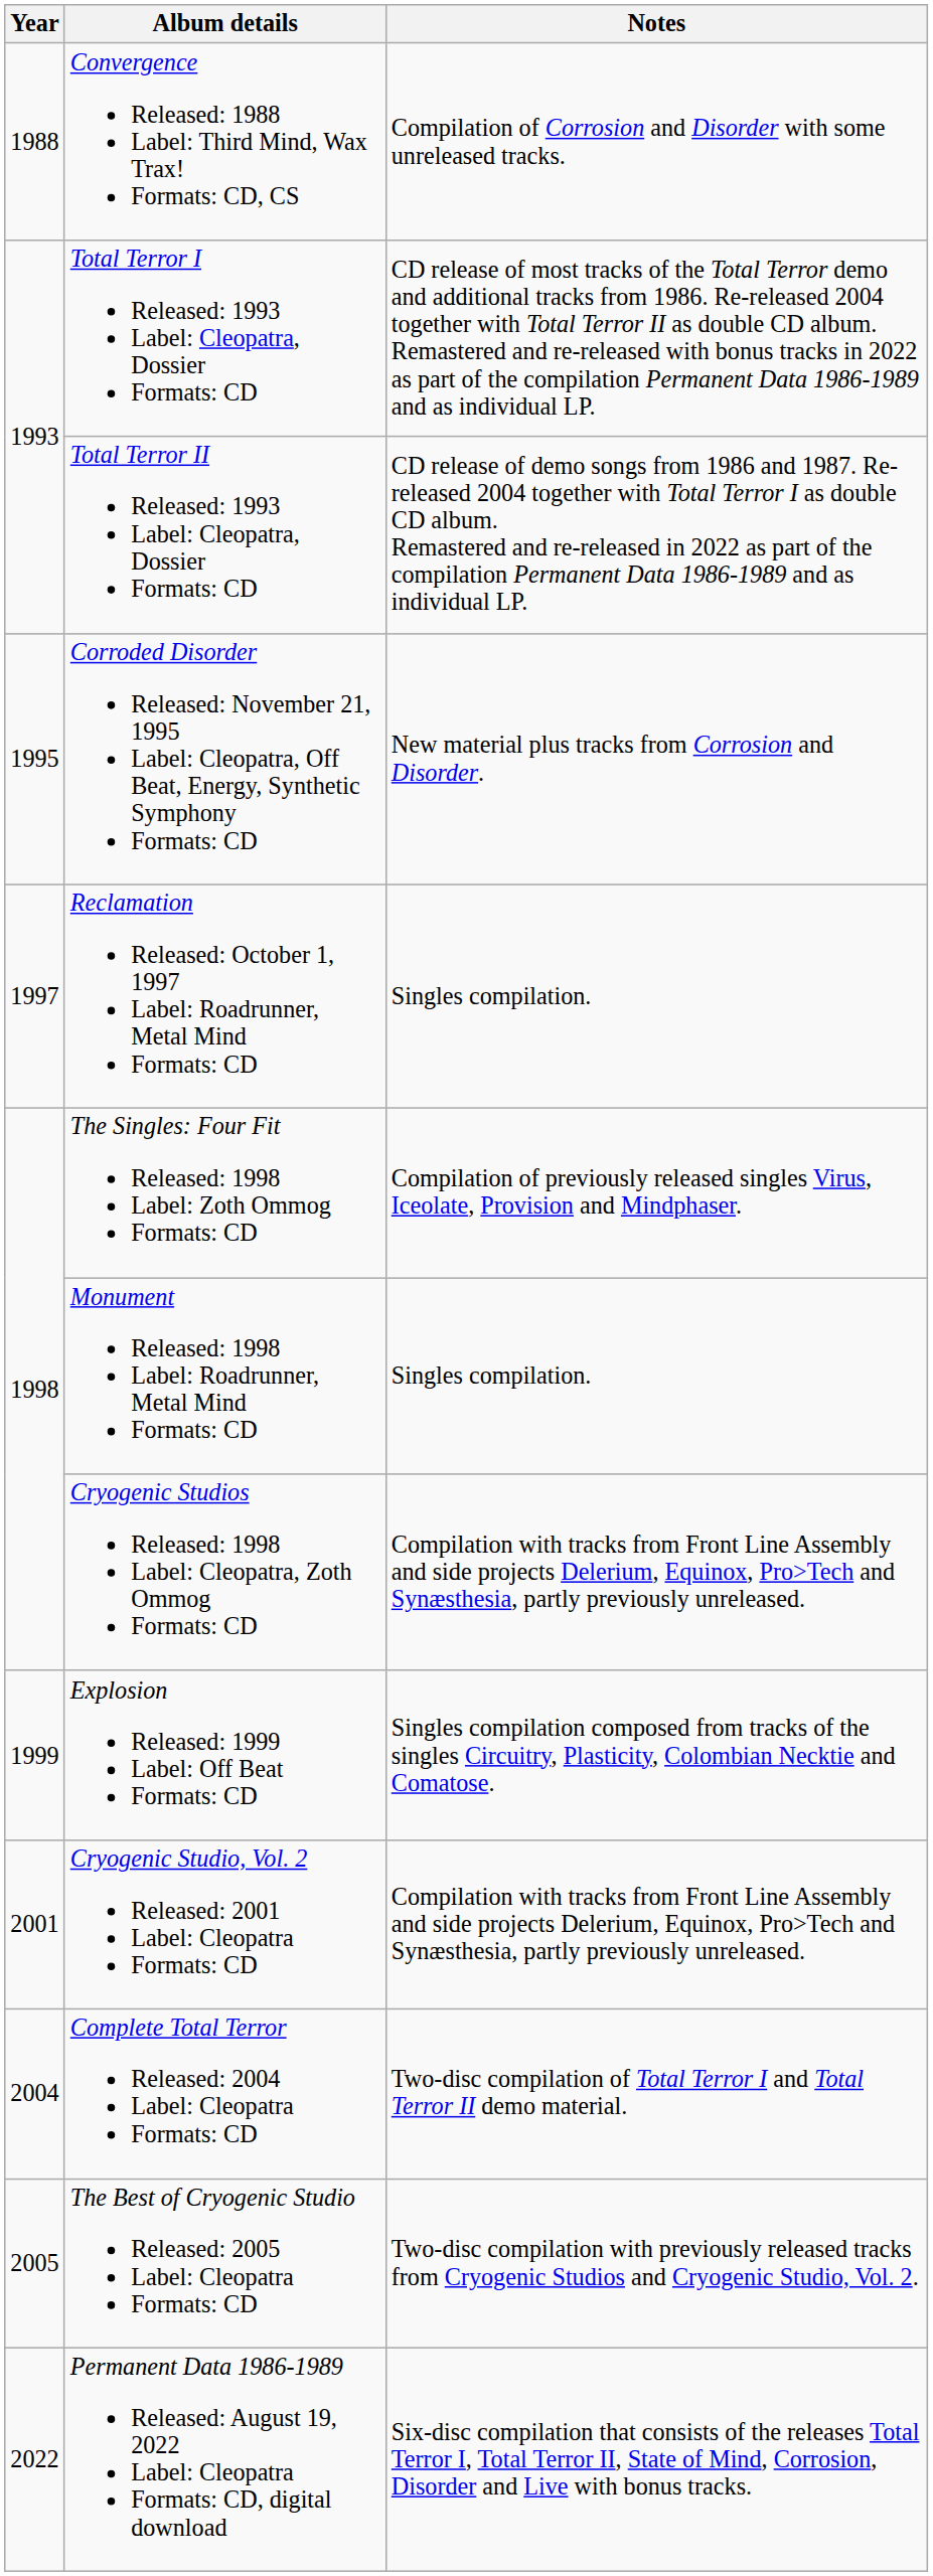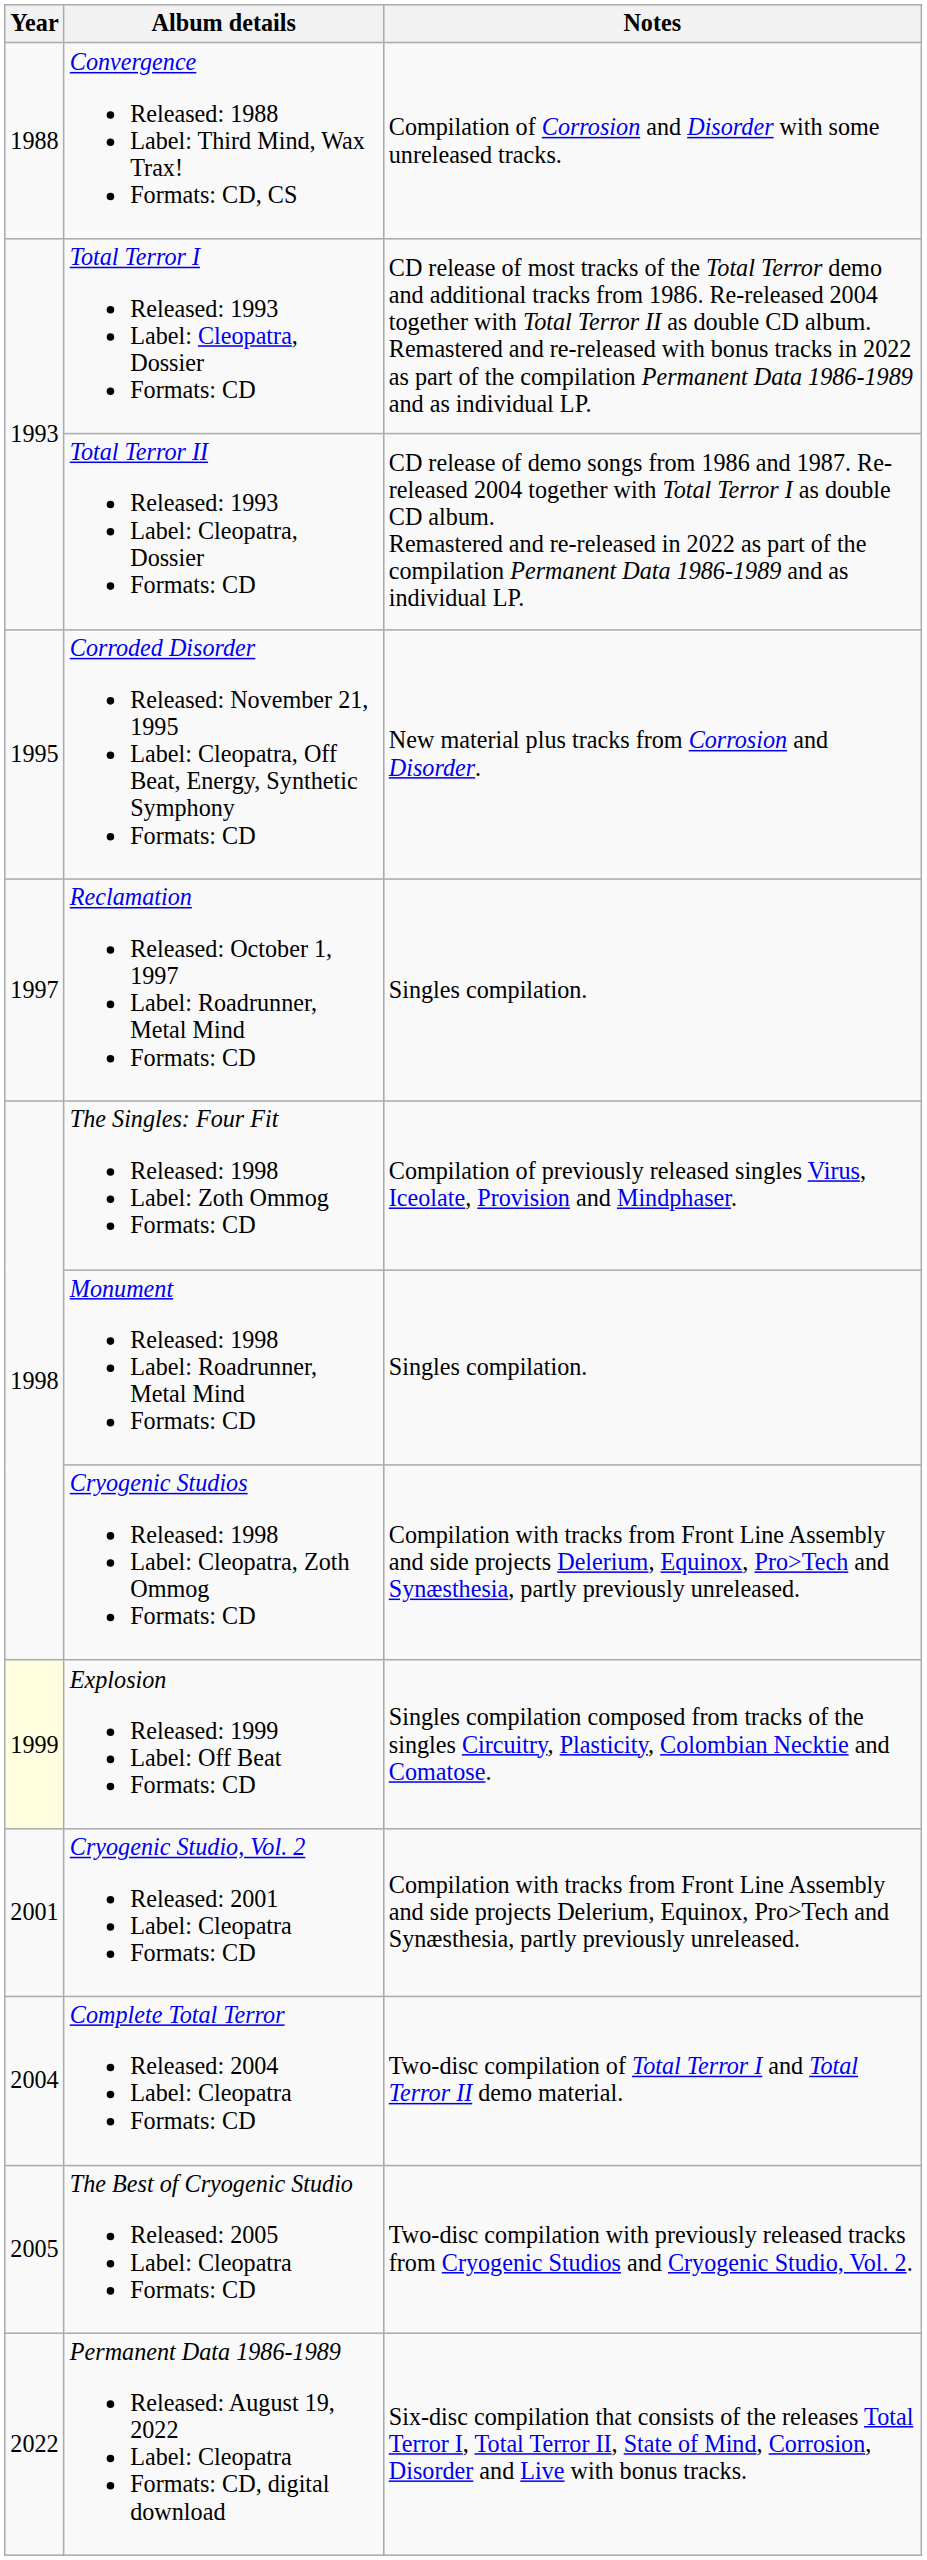 <table class="wikitable">
 <tr>
 <th>Year</th>
 <th>Album details</th>
 <th>Notes</th>
 </tr>
 <tr>
 <td>1988</td>
 <td><em><a href='#'>Convergence</a></em><br><ul><li>Released: 1988</li><li>Label: Third Mind, Wax Trax!</li><li>Formats: CD, CS</li></ul></td>
 <td>Compilation of <em><a href='#'>Corrosion</a></em> and <em><a href='#'>Disorder</a></em> with some unreleased tracks.</td>
 </tr>
 <tr>
 <td rowspan="2">1993</td>
 <td><em><a href='#'>Total Terror I</a></em><br><ul><li>Released: 1993</li><li>Label: <a href='#'>Cleopatra</a>, Dossier</li><li>Formats: CD</li></ul></td>
 <td>CD release of most tracks of the <em>Total Terror</em> demo and additional tracks from 1986. Re-released 2004 together with <em>Total Terror II</em> as double CD album.<br>Remastered and re-released with bonus tracks in 2022 as part of the compilation <em>Permanent Data 1986-1989</em> and as individual LP.</td>
 </tr>
 <tr>
 <td><em><a href='#'>Total Terror II</a></em><br><ul><li>Released: 1993</li><li>Label: Cleopatra, Dossier</li><li>Formats: CD</li></ul></td>
 <td>CD release of demo songs from 1986 and 1987. Re-released 2004 together with <em>Total Terror I</em> as double CD album.<br>Remastered and re-released in 2022 as part of the compilation <em>Permanent Data 1986-1989</em> and as individual LP.</td>
 </tr>
 <tr>
 <td>1995</td>
 <td><em><a href='#'>Corroded Disorder</a></em><br><ul><li>Released: November 21, 1995</li><li>Label: Cleopatra, Off Beat, Energy, Synthetic Symphony</li><li>Formats: CD</li></ul></td>
 <td>New material plus tracks from <em><a href='#'>Corrosion</a></em> and <em><a href='#'>Disorder</a></em>.</td>
 </tr>
 <tr>
 <td>1997</td>
 <td><em><a href='#'>Reclamation</a></em><br><ul><li>Released: October 1, 1997</li><li>Label: Roadrunner, Metal Mind</li><li>Formats: CD</li></ul></td>
 <td>Singles compilation.</td>
 </tr>
 <tr>
 <td rowspan="3">1998</td>
 <td><em>The Singles: Four Fit</em><br><ul><li>Released: 1998</li><li>Label: Zoth Ommog</li><li>Formats: CD</li></ul></td>
 <td>Compilation of previously released singles <a href='#'>Virus</a>, <a href='#'>Iceolate</a>, <a href='#'>Provision</a> and <a href='#'>Mindphaser</a>.</td>
 </tr>
 <tr>
 <td><em><a href='#'>Monument</a></em><br><ul><li>Released: 1998</li><li>Label: Roadrunner, Metal Mind</li><li>Formats: CD</li></ul></td>
 <td>Singles compilation.</td>
 </tr>
 <tr>
 <td><em><a href='#'>Cryogenic Studios</a></em><br><ul><li>Released: 1998</li><li>Label: Cleopatra, Zoth Ommog</li><li>Formats: CD</li></ul></td>
 <td>Compilation with tracks from Front Line Assembly and side projects <a href='#'>Delerium</a>, <a href='#'>Equinox</a>, <a href='#'>Pro>Tech</a> and <a href='#'>Synæsthesia</a>, partly previously unreleased.</td>
 </tr>
 <tr>
-<td>1999</td>
+<td style="background: lightyellow;">1999</td>
 <td><em>Explosion</em><br><ul><li>Released: 1999</li><li>Label: Off Beat</li><li>Formats: CD</li></ul></td>
 <td>Singles compilation composed from tracks of the singles <a href='#'>Circuitry</a>, <a href='#'>Plasticity</a>, <a href='#'>Colombian Necktie</a> and <a href='#'>Comatose</a>.</td>
 </tr>
 <tr>
 <td>2001</td>
 <td><em><a href='#'>Cryogenic Studio, Vol. 2</a></em><br><ul><li>Released: 2001</li><li>Label: Cleopatra</li><li>Formats: CD</li></ul></td>
 <td>Compilation with tracks from Front Line Assembly and side projects Delerium, Equinox, Pro>Tech and Synæsthesia, partly previously unreleased.</td>
 </tr>
 <tr>
 <td>2004</td>
 <td><em><a href='#'>Complete Total Terror</a></em><br><ul><li>Released: 2004</li><li>Label: Cleopatra</li><li>Formats: CD</li></ul></td>
 <td>Two-disc compilation of <em><a href='#'>Total Terror I</a></em> and <em><a href='#'>Total Terror II</a></em> demo material.</td>
 </tr>
 <tr>
 <td>2005</td>
 <td><em>The Best of Cryogenic Studio</em><br><ul><li>Released: 2005</li><li>Label: Cleopatra</li><li>Formats: CD</li></ul></td>
 <td>Two-disc compilation with previously released tracks from <a href='#'>Cryogenic Studios</a> and <a href='#'>Cryogenic Studio, Vol. 2</a>.</td>
 </tr>
 <tr>
 <td>2022</td>
 <td><em>Permanent Data 1986-1989</em><br><ul><li>Released: August 19, 2022</li><li>Label: Cleopatra</li><li>Formats: CD, digital download</li></ul></td>
 <td>Six-disc compilation that consists of the releases <a href='#'>Total Terror I</a>, <a href='#'>Total Terror II</a>, <a href='#'>State of Mind</a>, <a href='#'>Corrosion</a>, <a href='#'>Disorder</a> and <a href='#'>Live</a> with bonus tracks.</td>
 </tr>
 </table>
